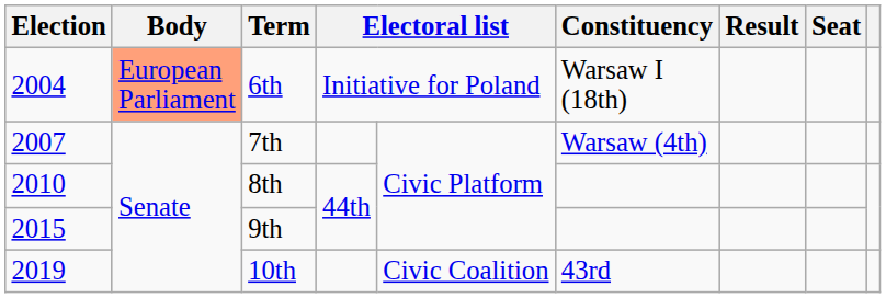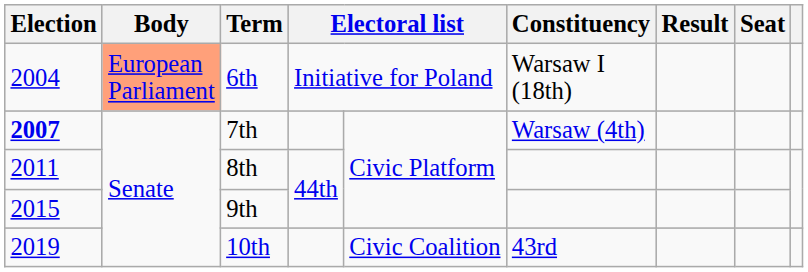 <table class="wikitable">
 <tr>
 <th>Election</th>
 <th style=width:30px>Body</th>
 <th>Term</th>
 <th colspan="2"><a href='#'>Electoral list</a></th>
 <th style=width:30px>Constituency</th>
 <th>Result</th>
 <th>Seat</th>
 <th></th>
 </tr>
 <tr>
 <td><a href='#'>2004</a></td>
 <td style="background: lightsalmon;"><a href='#'>European Parliament</a></td>
 <td><a href='#'>6th</a></td>
 <td colspan=2><a href='#'>Initiative for Poland</a></td>
 <td>Warsaw I (18th)</td>
 <td></td>
 <td></td>
 <td></td>
 </tr>
 <tr>
-<td><a href='#'>2007</a></td>
+<td><strong><a href='#'>2007</a></strong></td>
 <td rowspan="4"><a href='#'>Senate</a></td>
 <td>7th</td>
 <td style="background:"></td>
 <td rowspan=3><a href='#'>Civic Platform</a></td>
 <td><a href='#'>Warsaw (4th)</a></td>
 <td></td>
 <td></td>
 <td></td>
 </tr>
 <tr>
-<td><a href='#'>2010</a></td>
+<td><a href='#'>2011</a></td>
 <td>8th</td>
 <td rowspan="2"><a href='#'>44th</a></td>
 <td></td>
 <td></td>
 <td></td>
 </tr>
 <tr>
 <td><a href='#'>2015</a></td>
 <td>9th</td>
 <td></td>
 <td></td>
 <td></td>
 </tr>
 <tr>
 <td><a href='#'>2019</a></td>
 <td><a href='#'>10th</a></td>
 <td></td>
 <td><a href='#'>Civic Coalition</a></td>
 <td><a href='#'>43rd</a></td>
 <td></td>
 <td></td>
 <td></td>
 </tr>
 </table>
